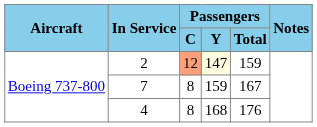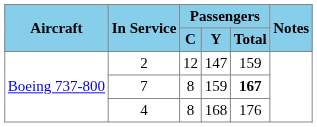 <table class="toccolours" border="1" cellpadding="3" style="margin:1em auto; border-collapse:collapse;text-align:center">
 <tr style="background:Skyblue;">
 <th rowspan="2">Aircraft</th>
 <th rowspan="2">In Service</th>
 <th colspan="3">Passengers</th>
 <th rowspan="2">Notes</th>
 </tr>
 <tr style="background:Skyblue;">
 <th>C</th>
 <th>Y</th>
 <th>Total</th>
 </tr>
 <tr>
 <td rowspan="3"><a href='#'>Boeing 737-800</a></td>
 <td>2</td>
-<td style="background: lightsalmon;">12</td>
-<td style="background: lightyellow;">147</td>
+<td>12</td>
+<td>147</td>
 <td>159</td>
 <td rowspan="3"></td>
 </tr>
 <tr>
 <td>7</td>
 <td>8</td>
 <td>159</td>
-<td>167</td>
+<td><strong>167</strong></td>
 </tr>
 <tr>
 <td>4</td>
 <td>8</td>
 <td>168</td>
 <td>176</td>
 </tr>
 </table>
